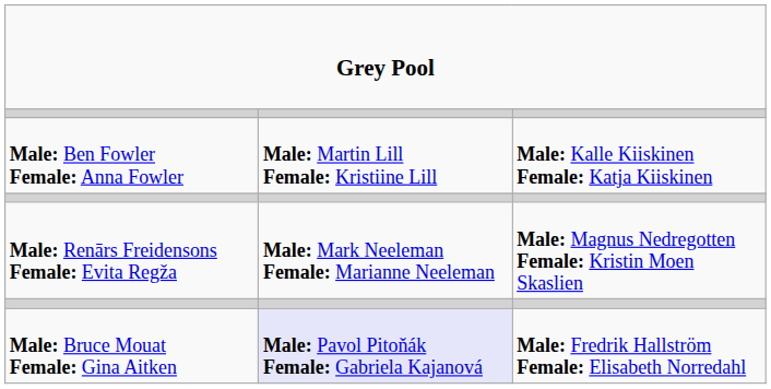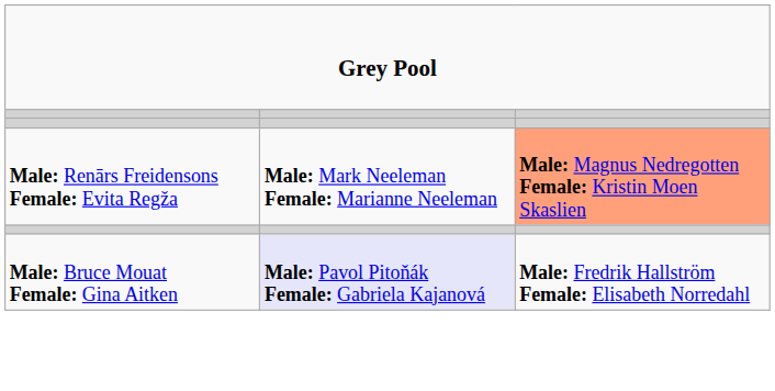 <table class="wikitable">
 <tr>
 <td align=center colspan="3"><br><h3>Grey Pool</h3></td>
 </tr>
 <tr>
 <th style="background: #D3D3D3;" width="200"></th>
 <th style="background: #D3D3D3;" width="200"></th>
 <th style="background: #D3D3D3;" width="200"></th>
 </tr>
 <tr>
-<td><br><strong>Male:</strong> <a href='#'>Ben Fowler</a><br> <strong>Female:</strong> <a href='#'>Anna Fowler</a></td>
-<td><br><strong>Male:</strong> <a href='#'>Martin Lill</a><br> <strong>Female:</strong> <a href='#'>Kristiine Lill</a></td>
-<td><br><strong>Male:</strong> <a href='#'>Kalle Kiiskinen</a><br> <strong>Female:</strong> <a href='#'>Katja Kiiskinen</a></td>
-</tr>
-<tr>
 <th style="background: #D3D3D3;" width="200"></th>
 <th style="background: #D3D3D3;" width="200"></th>
 <th style="background: #D3D3D3;" width="200"></th>
 </tr>
 <tr>
 <td><br><strong>Male:</strong> <a href='#'>Renārs Freidensons</a><br> <strong>Female:</strong> <a href='#'>Evita Regža</a></td>
 <td><br><strong>Male:</strong> <a href='#'>Mark Neeleman</a><br> <strong>Female:</strong> <a href='#'>Marianne Neeleman</a></td>
-<td><br><strong>Male:</strong> <a href='#'>Magnus Nedregotten</a><br> <strong>Female:</strong> <a href='#'>Kristin Moen Skaslien</a></td>
+<td style="background: lightsalmon;"><br><strong>Male:</strong> <a href='#'>Magnus Nedregotten</a><br> <strong>Female:</strong> <a href='#'>Kristin Moen Skaslien</a></td>
 </tr>
 <tr>
 <th style="background: #D3D3D3;" width="200"></th>
 <th style="background: #D3D3D3;" width="200"></th>
 <th style="background: #D3D3D3;" width="200"></th>
 </tr>
 <tr>
 <td><br><strong>Male:</strong> <a href='#'>Bruce Mouat</a><br> <strong>Female:</strong> <a href='#'>Gina Aitken</a></td>
 <td style="background: lavender;"><br><strong>Male:</strong> <a href='#'>Pavol Pitoňák</a><br> <strong>Female:</strong> <a href='#'>Gabriela Kajanová</a></td>
 <td><br><strong>Male:</strong> <a href='#'>Fredrik Hallström</a><br> <strong>Female:</strong> <a href='#'>Elisabeth Norredahl</a></td>
 </tr>
 </table>
